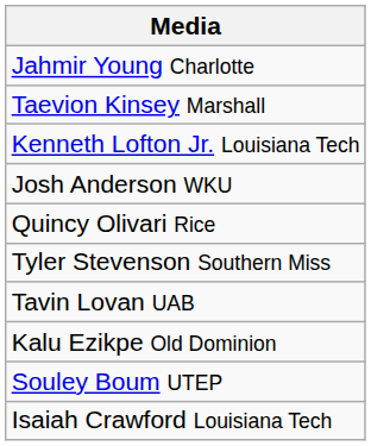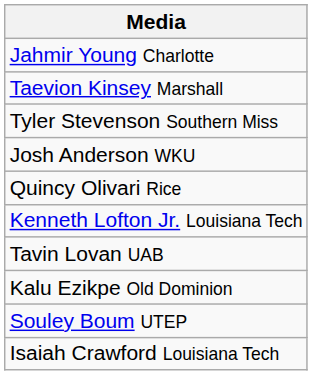 <table class="wikitable" style="white-space:nowrap; font-size:90%;">
 <tr>
 <th>Media</th>
 </tr>
 <tr>
 <td><a href='#'>Jahmir Young</a> <small>Charlotte</small></td>
 </tr>
 <tr>
 <td><a href='#'>Taevion Kinsey</a> <small>Marshall</small></td>
 </tr>
 <tr>
-<td><a href='#'>Kenneth Lofton Jr.</a> <small>Louisiana Tech</small></td>
+<td>Tyler Stevenson <small>Southern Miss</small></td>
 </tr>
 <tr>
 <td>Josh Anderson <small>WKU</small></td>
 </tr>
 <tr>
 <td>Quincy Olivari <small>Rice</small></td>
 </tr>
 <tr>
-<td>Tyler Stevenson <small>Southern Miss</small></td>
+<td><a href='#'>Kenneth Lofton Jr.</a> <small>Louisiana Tech</small></td>
 </tr>
 <tr>
 <td>Tavin Lovan <small>UAB</small></td>
 </tr>
 <tr>
 <td>Kalu Ezikpe <small>Old Dominion</small></td>
 </tr>
 <tr>
 <td><a href='#'>Souley Boum</a> <small>UTEP</small></td>
 </tr>
 <tr>
 <td>Isaiah Crawford <small>Louisiana Tech</small></td>
 </tr>
 </table>
